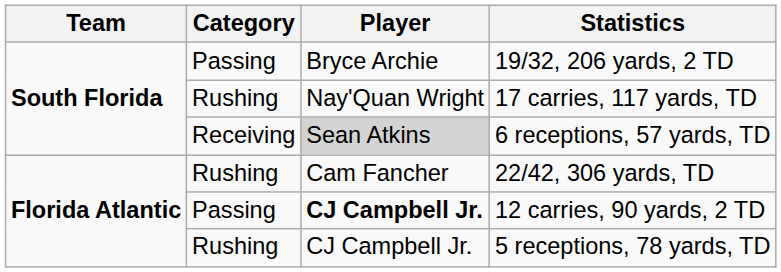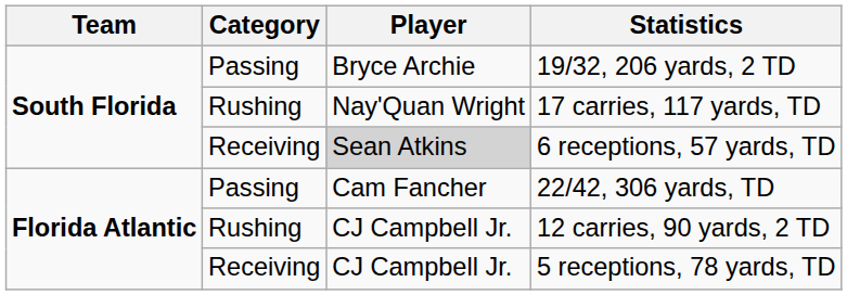 <table class="wikitable" style="float: right;">
 <tr>
 <th>Team</th>
 <th>Category</th>
 <th>Player</th>
 <th>Statistics</th>
 </tr>
 <tr>
 <td rowspan=3><strong>South Florida</strong></td>
 <td>Passing</td>
 <td>Bryce Archie</td>
 <td>19/32, 206 yards, 2 TD</td>
 </tr>
 <tr>
 <td>Rushing</td>
 <td>Nay'Quan Wright</td>
 <td>17 carries, 117 yards, TD</td>
 </tr>
 <tr>
 <td>Receiving</td>
 <td style="background: lightgrey;">Sean Atkins</td>
 <td>6 receptions, 57 yards, TD</td>
 </tr>
 <tr>
 <td rowspan=3><strong>Florida Atlantic</strong></td>
-<td>Rushing</td>
+<td>Passing</td>
 <td>Cam Fancher</td>
 <td>22/42, 306 yards, TD</td>
 </tr>
 <tr>
-<td>Passing</td>
-<td><strong>CJ Campbell Jr.</strong></td>
+<td>Rushing</td>
+<td>CJ Campbell Jr.</td>
 <td>12 carries, 90 yards, 2 TD</td>
 </tr>
 <tr>
-<td>Rushing</td>
+<td>Receiving</td>
 <td>CJ Campbell Jr.</td>
 <td>5 receptions, 78 yards, TD</td>
 </tr>
 </table>
